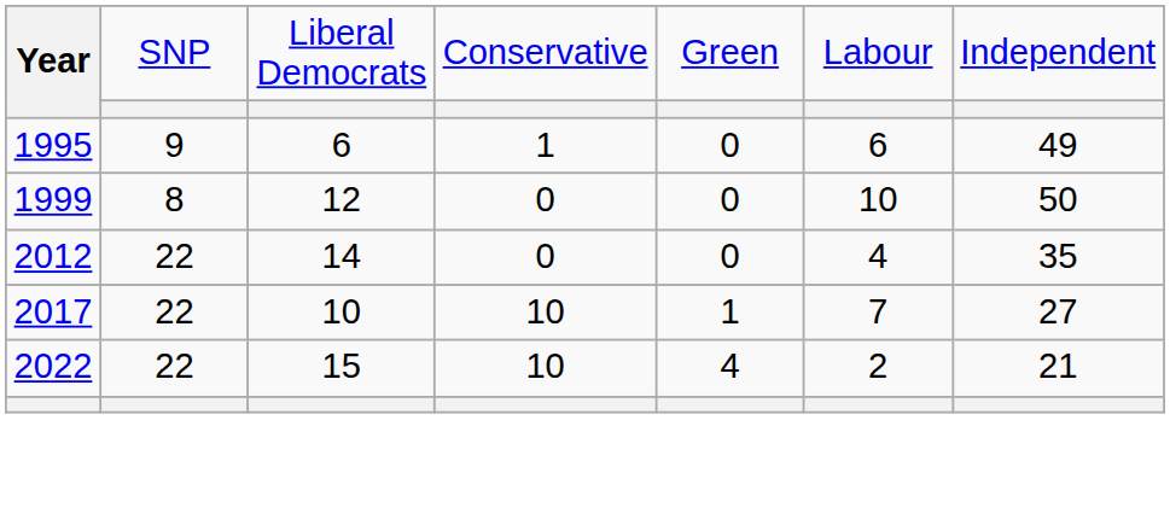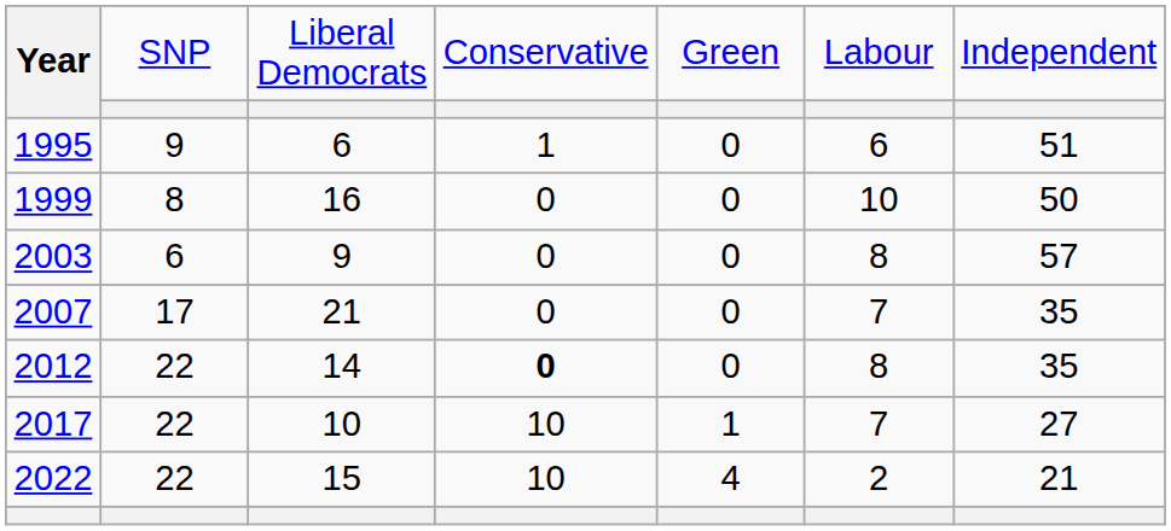 <table class=wikitable style=text-align:center>
 <tr>
 <th rowspan=2>Year</th>
 <td width="60"><a href='#'>SNP</a></td>
 <td width="60"><a href='#'>Liberal Democrats</a></td>
 <td width="60"><a href='#'>Conservative</a></td>
 <td width="60"><a href='#'>Green</a></td>
 <td width="60"><a href='#'>Labour</a></td>
 <td width="60"><a href='#'>Independent</a></td>
 </tr>
 <tr>
 <th style="background-color: "></th>
 <th style="background-color: "></th>
 <th style="background-color: "></th>
 <th style="background-color: "></th>
 <th style="background-color: "></th>
 <th style="background-color: "></th>
 </tr>
 <tr>
 <td><a href='#'>1995</a></td>
 <td>9</td>
 <td>6</td>
 <td>1</td>
 <td>0</td>
 <td>6</td>
-<td>49</td>
+<td>51</td>
 </tr>
 <tr>
 <td><a href='#'>1999</a></td>
 <td>8</td>
-<td>12</td>
+<td>16</td>
 <td>0</td>
 <td>0</td>
 <td>10</td>
 <td>50</td>
 </tr>
 <tr>
+<td><a href='#'>2003</a></td>
+<td>6</td>
+<td>9</td>
+<td>0</td>
+<td>0</td>
+<td>8</td>
+<td>57</td>
+</tr>
+<tr>
+<td><a href='#'>2007</a></td>
+<td>17</td>
+<td>21</td>
+<td>0</td>
+<td>0</td>
+<td>7</td>
+<td>35</td>
+</tr>
+<tr>
 <td><a href='#'>2012</a></td>
 <td>22</td>
 <td>14</td>
+<td><strong>0</strong></td>
 <td>0</td>
-<td>0</td>
-<td>4</td>
+<td>8</td>
 <td>35</td>
 </tr>
 <tr>
 <td><a href='#'>2017</a></td>
 <td>22</td>
 <td>10</td>
 <td>10</td>
 <td>1</td>
 <td>7</td>
 <td>27</td>
 </tr>
 <tr>
 <td><a href='#'>2022</a></td>
 <td>22</td>
 <td>15</td>
 <td>10</td>
 <td>4</td>
 <td>2</td>
 <td>21</td>
 </tr>
 <tr>
 <th></th>
 <th style="background-color: "></th>
 <th style="background-color: "></th>
 <th style="background-color: "></th>
 <th style="background-color: "></th>
 <th style="background-color: "></th>
 <th style="background-color: "></th>
 </tr>
 </table>
